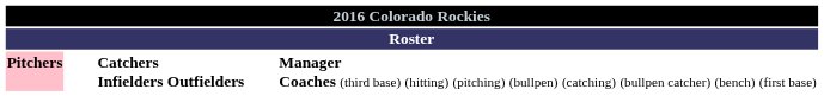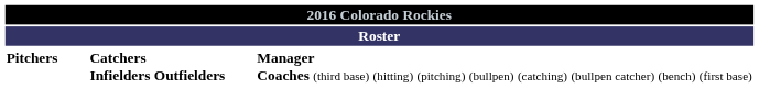 <table class="toccolours" style="font-size: 95%;">
 <tr>
 <th colspan="10" style="background-color: #000000; color: #C4CED4; text-align: center;">2016 Colorado Rockies</th>
 </tr>
 <tr>
 <td colspan="10" style="background-color: #333366; color: #FFFFFF; text-align: center;"><strong>Roster</strong></td>
 </tr>
 <tr>
-<td valign="top" style="background: pink;"><strong>Pitchers</strong><br>                        </td>
+<td valign="top"><strong>Pitchers</strong><br>                        </td>
 <td width="25px"></td>
 <td valign="top"><strong>Catchers</strong><br>    <strong>Infielders</strong>         <strong>Outfielders</strong>         </td>
 <td width="25px"></td>
 <td valign="top"><strong>Manager</strong><br> <strong>Coaches</strong>  <small>(third base)</small>  <small>(hitting)</small>  <small>(pitching)</small>  <small>(bullpen)</small>  <small>(catching)</small>  <small>(bullpen catcher)</small>  <small>(bench)</small>   <small>(first base)</small></td>
 </tr>
 <tr>
 </tr>
 </table>
